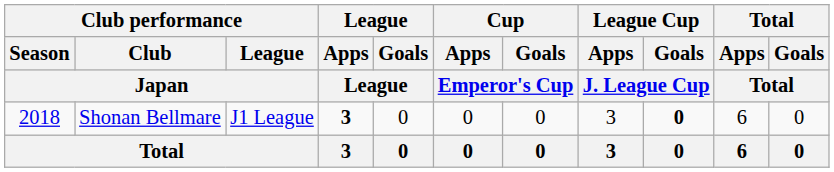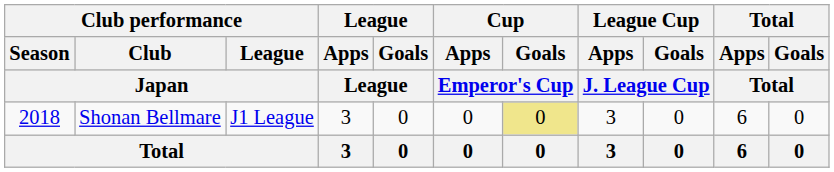 <table class="wikitable" style="text-align:center;">
 <tr>
 <th colspan=3>Club performance</th>
 <th colspan=2>League</th>
 <th colspan=2>Cup</th>
 <th colspan=2>League Cup</th>
 <th colspan=2>Total</th>
 </tr>
 <tr>
 <th>Season</th>
 <th>Club</th>
 <th>League</th>
 <th>Apps</th>
 <th>Goals</th>
 <th>Apps</th>
 <th>Goals</th>
 <th>Apps</th>
 <th>Goals</th>
 <th>Apps</th>
 <th>Goals</th>
 </tr>
 <tr>
 <th colspan=3>Japan</th>
 <th colspan=2>League</th>
 <th colspan=2><a href='#'>Emperor's Cup</a></th>
 <th colspan=2><a href='#'>J. League Cup</a></th>
 <th colspan=2>Total</th>
 </tr>
 <tr>
 <td><a href='#'>2018</a></td>
 <td rowspan="1"><a href='#'>Shonan Bellmare</a></td>
 <td rowspan="1"><a href='#'>J1 League</a></td>
-<td><strong>3</strong></td>
+<td>3</td>
 <td>0</td>
 <td>0</td>
+<td style="background: khaki;">0</td>
+<td>3</td>
 <td>0</td>
-<td>3</td>
-<td><strong>0</strong></td>
 <td>6</td>
 <td>0</td>
 </tr>
 <tr>
 <th colspan=3>Total</th>
 <th>3</th>
 <th>0</th>
 <th>0</th>
 <th>0</th>
 <th>3</th>
 <th>0</th>
 <th>6</th>
 <th>0</th>
 </tr>
 </table>
